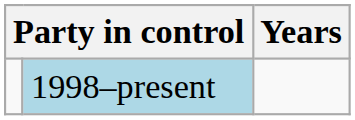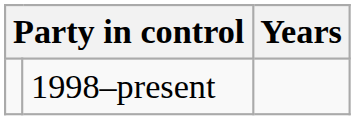 <table class="wikitable">
 <tr>
 <th colspan="2">Party in control</th>
 <th>Years</th>
 </tr>
 <tr>
 <td></td>
-<td style="background: lightblue;">1998–present</td>
+<td>1998–present</td>
 </tr>
 </table>
